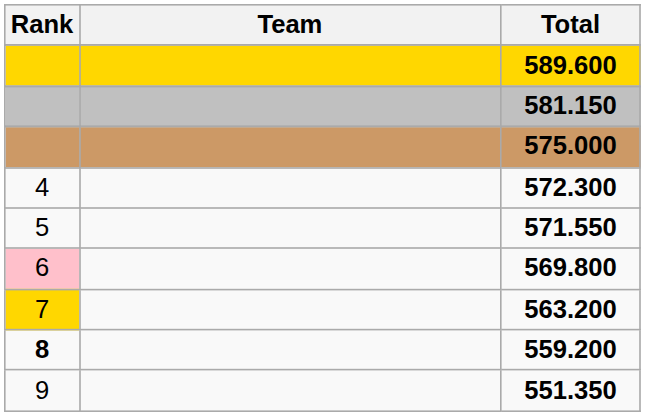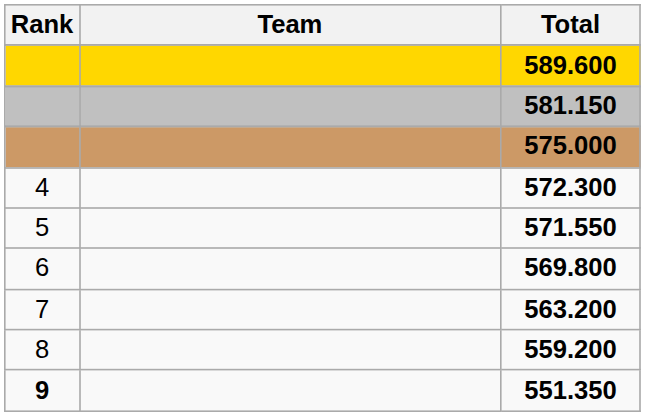 <table class="wikitable" style="text-align:center">
 <tr>
 <th>Rank</th>
 <th style="width:16em">Team</th>
 <th style="width:5em">Total</th>
 </tr>
 <tr>
 </tr>
 <tr bgcolor=gold>
 <td></td>
 <td align=left></td>
 <td><strong>589.600</strong></td>
 </tr>
 <tr>
 </tr>
 <tr bgcolor=silver>
 <td></td>
 <td align=left></td>
 <td><strong>581.150</strong></td>
 </tr>
 <tr>
 </tr>
 <tr bgcolor=#CC9966>
 <td></td>
 <td align=left></td>
 <td><strong>575.000</strong></td>
 </tr>
 <tr>
 <td>4</td>
 <td align=left></td>
 <td><strong>572.300</strong></td>
 </tr>
 <tr>
 <td>5</td>
 <td align=left></td>
 <td><strong>571.550</strong></td>
 </tr>
 <tr>
-<td style="background: pink;">6</td>
+<td>6</td>
 <td align=left></td>
 <td><strong>569.800</strong></td>
 </tr>
 <tr>
-<td style="background: gold;">7</td>
+<td>7</td>
 <td align=left></td>
 <td><strong>563.200</strong></td>
 </tr>
 <tr>
-<td><strong>8</strong></td>
+<td>8</td>
 <td align=left></td>
 <td><strong>559.200</strong></td>
 </tr>
 <tr>
-<td>9</td>
+<td><strong>9</strong></td>
 <td align=left></td>
 <td><strong>551.350</strong></td>
 </tr>
 </table>
